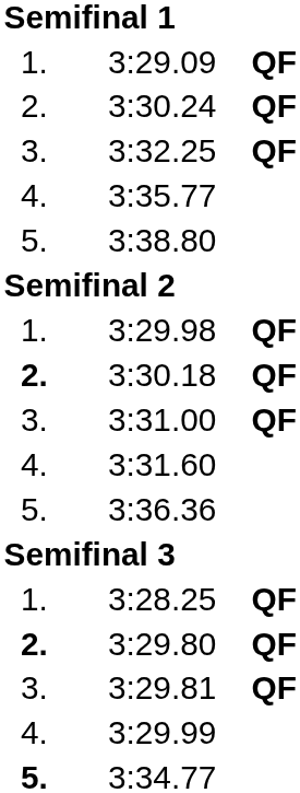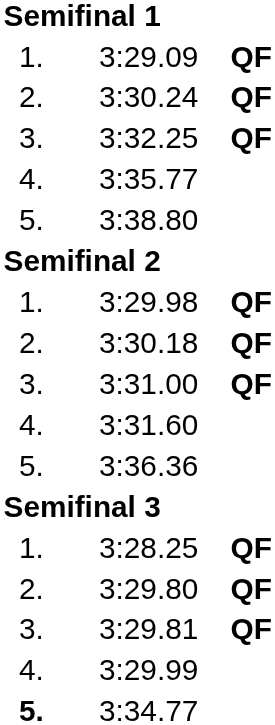 <table style="text-align:center">
 <tr>
 <td colspan=4 align=left><strong>Semifinal 1</strong></td>
 </tr>
 <tr>
 <td width=30>1.</td>
 <td align=left></td>
 <td width=80>3:29.09</td>
 <td><strong>QF</strong></td>
 </tr>
 <tr>
 <td>2.</td>
 <td align=left></td>
 <td>3:30.24</td>
 <td><strong>QF</strong></td>
 </tr>
 <tr>
 <td>3.</td>
 <td align=left></td>
 <td>3:32.25</td>
 <td><strong>QF</strong></td>
 </tr>
 <tr>
 <td>4.</td>
 <td align=left></td>
 <td>3:35.77</td>
 <td></td>
 </tr>
 <tr>
 <td>5.</td>
 <td align=left></td>
 <td>3:38.80</td>
 <td></td>
 </tr>
 <tr>
 <td colspan=4 align=left><strong>Semifinal 2</strong></td>
 </tr>
 <tr>
 <td>1.</td>
 <td align=left></td>
 <td>3:29.98</td>
 <td><strong>QF</strong></td>
 </tr>
 <tr>
-<td><strong>2.</strong></td>
+<td>2.</td>
 <td align=left></td>
 <td>3:30.18</td>
 <td><strong>QF</strong></td>
 </tr>
 <tr>
 <td>3.</td>
 <td align=left></td>
 <td>3:31.00</td>
 <td><strong>QF</strong></td>
 </tr>
 <tr>
 <td>4.</td>
 <td align=left></td>
 <td>3:31.60</td>
 <td></td>
 </tr>
 <tr>
 <td>5.</td>
 <td align=left></td>
 <td>3:36.36</td>
 <td></td>
 </tr>
 <tr>
 <td colspan=4 align=left><strong>Semifinal 3</strong></td>
 </tr>
 <tr>
 <td>1.</td>
 <td align=left></td>
 <td>3:28.25</td>
 <td><strong>QF</strong></td>
 </tr>
 <tr>
-<td><strong>2.</strong></td>
+<td>2.</td>
 <td align=left></td>
 <td>3:29.80</td>
 <td><strong>QF</strong></td>
 </tr>
 <tr>
 <td>3.</td>
 <td align=left></td>
 <td>3:29.81</td>
 <td><strong>QF</strong></td>
 </tr>
 <tr>
 <td>4.</td>
 <td align=left></td>
 <td>3:29.99</td>
 <td></td>
 </tr>
 <tr>
 <td><strong>5.</strong></td>
 <td align=left></td>
 <td>3:34.77</td>
 <td></td>
 </tr>
 </table>
